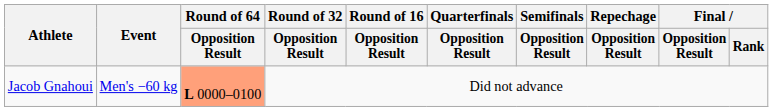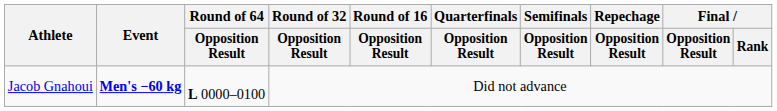 <table class="wikitable" style="font-size:90%">
 <tr>
 <th rowspan=2>Athlete</th>
 <th rowspan=2>Event</th>
 <th>Round of 64</th>
 <th>Round of 32</th>
 <th>Round of 16</th>
 <th>Quarterfinals</th>
 <th>Semifinals</th>
 <th>Repechage</th>
 <th colspan=2>Final / </th>
 </tr>
 <tr style="font-size:95%">
 <th>Opposition<br>Result</th>
 <th>Opposition<br>Result</th>
 <th>Opposition<br>Result</th>
 <th>Opposition<br>Result</th>
 <th>Opposition<br>Result</th>
 <th>Opposition<br>Result</th>
 <th>Opposition<br>Result</th>
 <th>Rank</th>
 </tr>
 <tr align=center>
 <td align=left><a href='#'>Jacob Gnahoui</a></td>
-<td align=left><a href='#'>Men's −60 kg</a></td>
-<td style="background: lightsalmon;"><br><strong>L</strong> 0000–0100</td>
+<td align=left><strong><a href='#'>Men's −60 kg</a></strong></td>
+<td><br><strong>L</strong> 0000–0100</td>
 <td colspan=7>Did not advance</td>
 </tr>
 </table>
